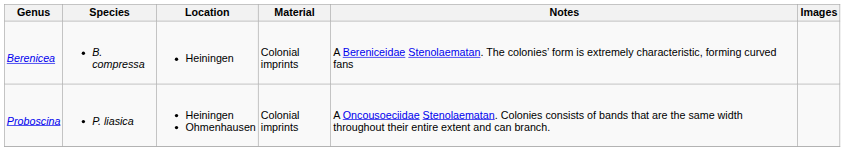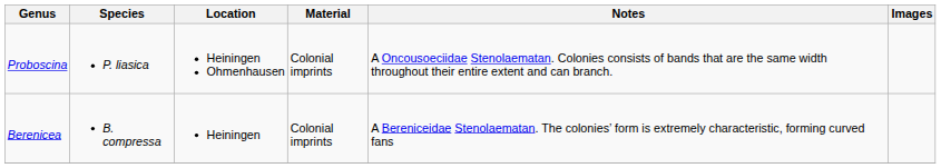 <table class = "wikitable">
 <tr>
 <th>Genus</th>
 <th>Species</th>
 <th>Location</th>
 <th>Material</th>
 <th>Notes</th>
 <th>Images</th>
 </tr>
 <tr>
+<td><br><em><a href='#'>Proboscina</a></em></td>
+<td><br><ul><li><em>P. liasica</em></li></ul></td>
+<td><br><ul><li>Heiningen</li><li>Ohmenhausen</li></ul></td>
+<td><br>Colonial imprints</td>
+<td><br>A <a href='#'>Oncousoeciidae</a> <a href='#'>Stenolaematan</a>. Colonies consists of bands that are the same width throughout their entire extent and can branch.</td>
+<td><br></td>
+</tr>
+<tr>
 <td><br><em><a href='#'>Berenicea</a></em></td>
 <td><br><ul><li><em>B. compressa</em></li></ul></td>
 <td><br><ul><li>Heiningen</li></ul></td>
 <td><br>Colonial imprints</td>
 <td><br>A <a href='#'>Bereniceidae</a> <a href='#'>Stenolaematan</a>. The colonies’ form is extremely characteristic, forming curved fans</td>
 <td></td>
 </tr>
 <tr>
-<td><br><em><a href='#'>Proboscina</a></em></td>
-<td><br><ul><li><em>P. liasica</em></li></ul></td>
-<td><br><ul><li>Heiningen</li><li>Ohmenhausen</li></ul></td>
-<td><br>Colonial imprints</td>
-<td><br>A <a href='#'>Oncousoeciidae</a> <a href='#'>Stenolaematan</a>. Colonies consists of bands that are the same width throughout their entire extent and can branch.</td>
-<td><br></td>
-</tr>
-<tr>
 </tr>
 </table>
